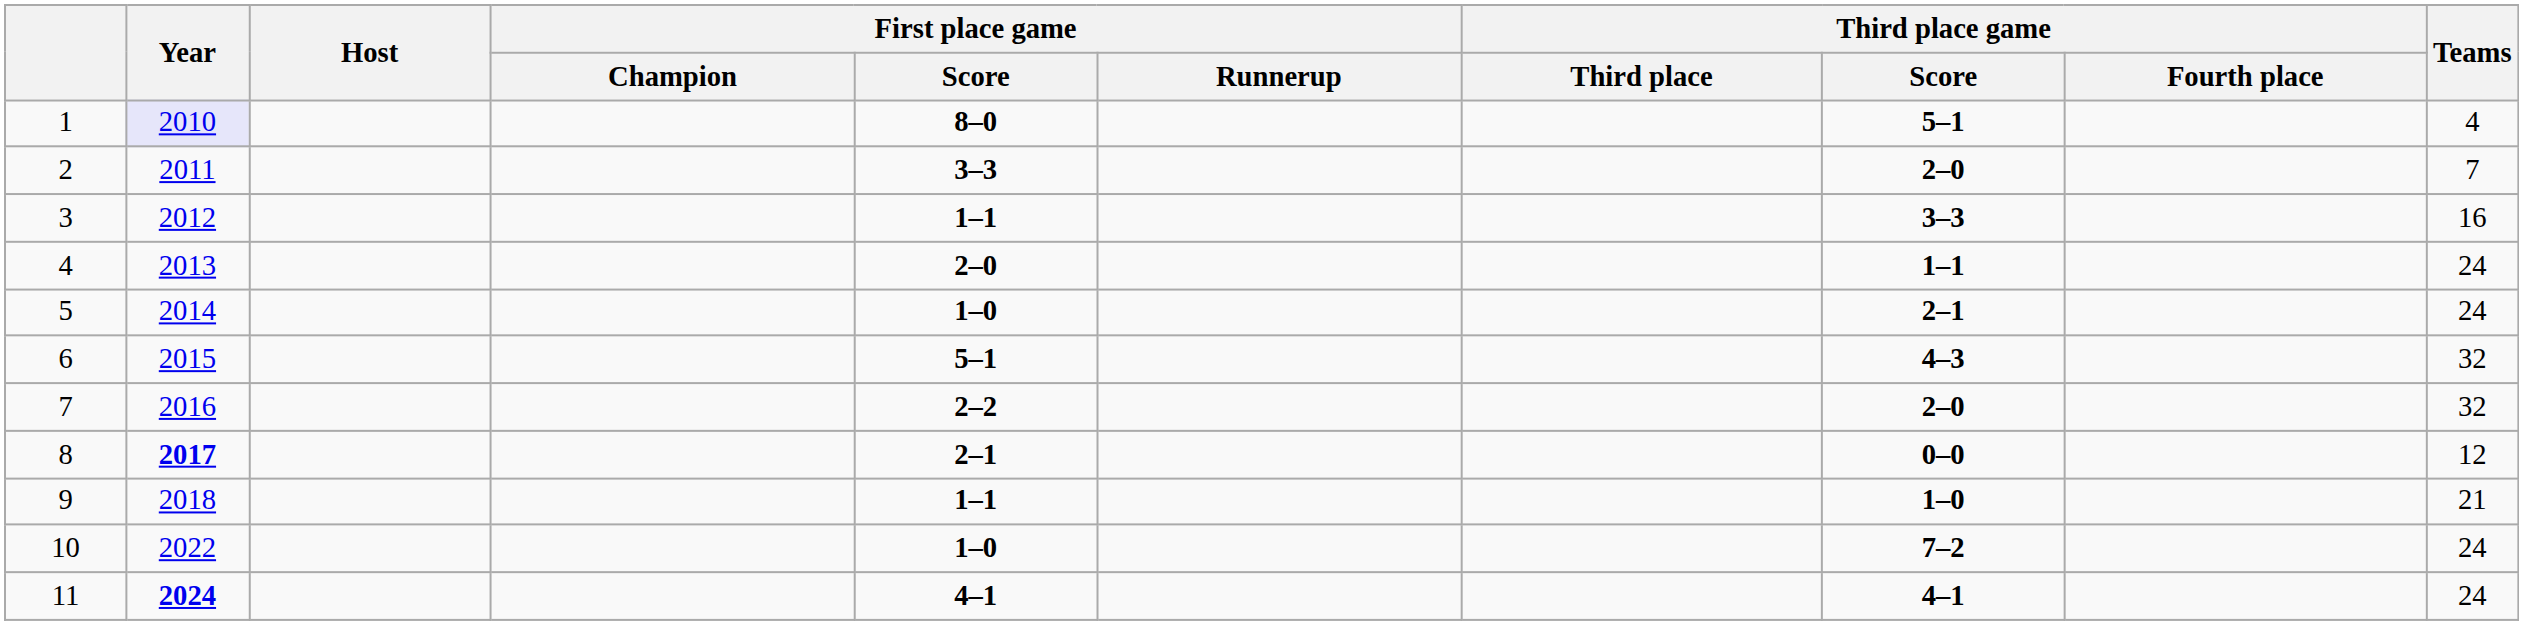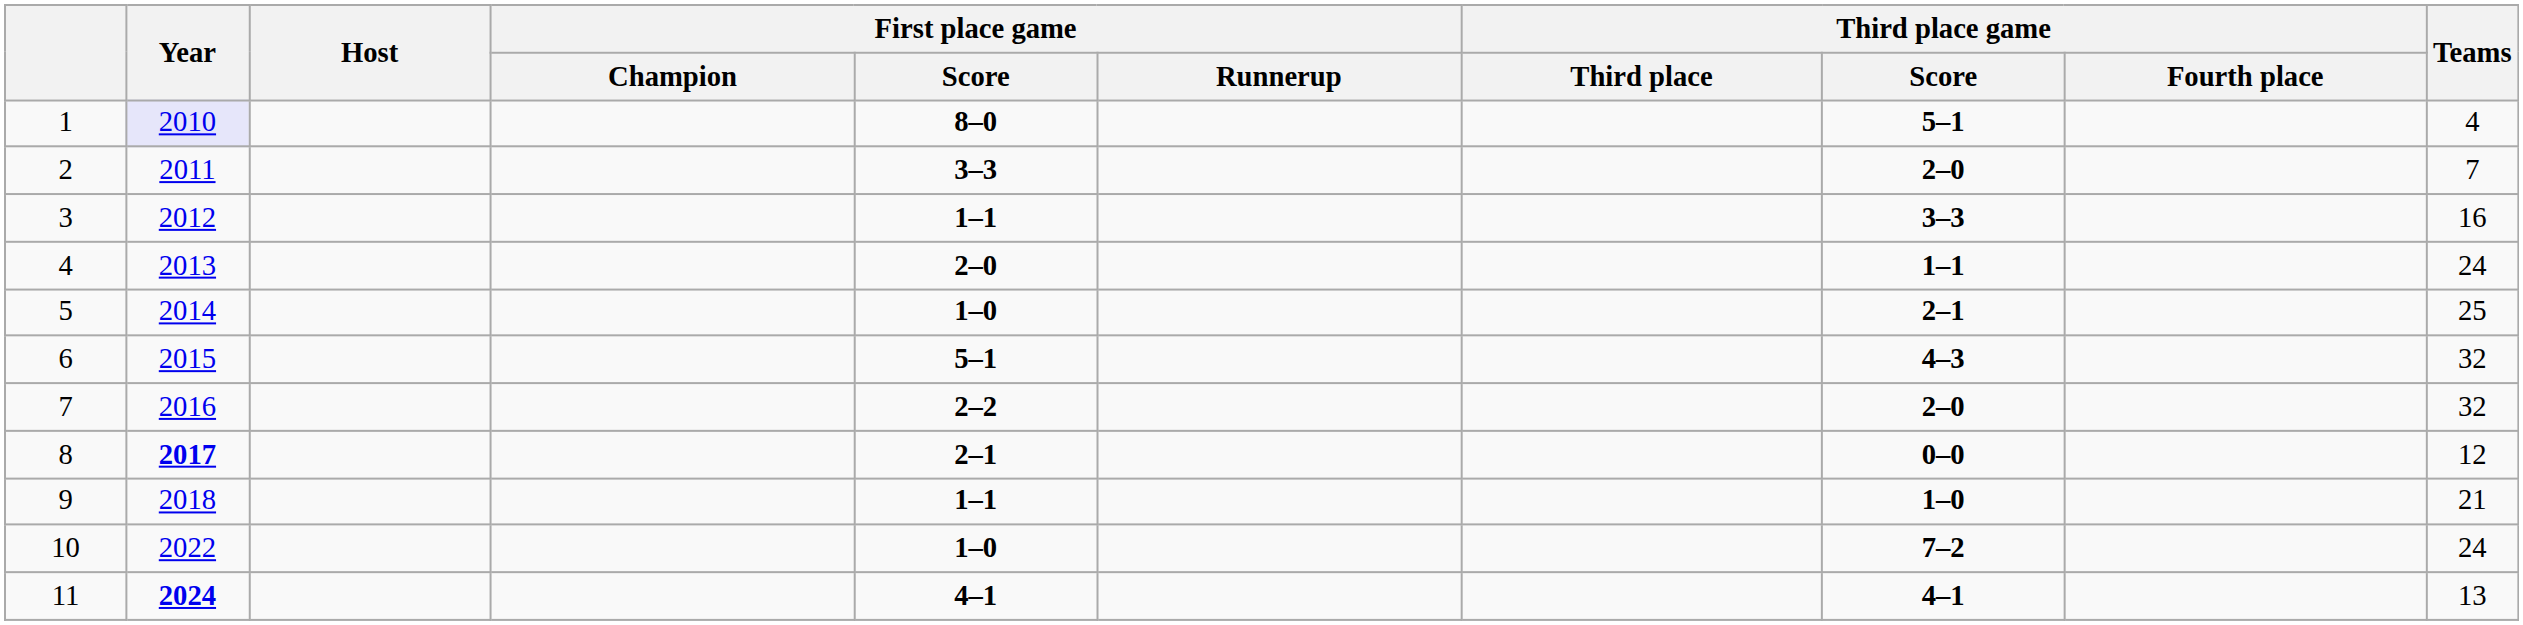 <table class="wikitable" style="font-size:90%; text-align:center; width:100%;">
 <tr>
 <th rowspan="2" style="width:5%;"></th>
 <th rowspan="2" style="width:5%;">Year</th>
 <th rowspan="2" style="width:10%;">Host</th>
 <th colspan="3">First place game</th>
 <th colspan="3">Third place game</th>
 <th rowspan="2" style="width:5%;">Teams</th>
 </tr>
 <tr>
 <th style="width:15%;"> Champion</th>
 <th style="width:10%;">Score</th>
 <th style="width:15%;"> Runnerup</th>
 <th style="width:15%;"> Third place</th>
 <th style="width:10%;">Score</th>
 <th style="width:15%;"> Fourth place</th>
 </tr>
 <tr>
 <td>1</td>
 <td style="background: lavender;"><a href='#'>2010</a></td>
 <td style="text-align:left"></td>
 <td></td>
 <td><strong>8–0</strong></td>
 <td></td>
 <td></td>
 <td><strong>5–1</strong></td>
 <td></td>
 <td>4</td>
 </tr>
 <tr>
 <td>2</td>
 <td><a href='#'>2011</a></td>
 <td style="text-align:left"></td>
 <td></td>
 <td><strong>3–3</strong> </td>
 <td></td>
 <td></td>
 <td><strong>2–0</strong></td>
 <td></td>
 <td>7</td>
 </tr>
 <tr>
 <td>3</td>
 <td><a href='#'>2012</a></td>
 <td style="text-align:left"></td>
 <td></td>
 <td><strong>1–1</strong> </td>
 <td></td>
 <td></td>
 <td><strong>3–3</strong> </td>
 <td></td>
 <td>16</td>
 </tr>
 <tr>
 <td>4</td>
 <td><a href='#'>2013</a></td>
 <td style="text-align:left"></td>
 <td></td>
 <td><strong>2–0</strong></td>
 <td></td>
 <td></td>
 <td><strong>1–1</strong> </td>
 <td></td>
 <td>24</td>
 </tr>
 <tr>
 <td>5</td>
 <td><a href='#'>2014</a></td>
 <td style="text-align:left"></td>
 <td></td>
 <td><strong>1–0</strong></td>
 <td></td>
 <td></td>
 <td><strong>2–1</strong></td>
 <td></td>
-<td>24</td>
+<td>25</td>
 </tr>
 <tr>
 <td>6</td>
 <td><a href='#'>2015</a></td>
 <td style="text-align:left"></td>
 <td></td>
 <td><strong>5–1</strong></td>
 <td></td>
 <td></td>
 <td><strong>4–3</strong></td>
 <td></td>
 <td>32</td>
 </tr>
 <tr>
 <td>7</td>
 <td><a href='#'>2016</a></td>
 <td style="text-align:left"></td>
 <td></td>
 <td><strong>2–2</strong> </td>
 <td></td>
 <td></td>
 <td><strong>2–0</strong></td>
 <td></td>
 <td>32</td>
 </tr>
 <tr>
 <td>8</td>
 <td><strong><a href='#'>2017</a></strong></td>
 <td style="text-align:left"></td>
 <td></td>
 <td><strong>2–1</strong></td>
 <td></td>
 <td></td>
 <td><strong>0–0</strong> </td>
 <td></td>
 <td>12</td>
 </tr>
 <tr>
 <td>9</td>
 <td><a href='#'>2018</a></td>
 <td style="text-align:left"></td>
 <td></td>
 <td><strong>1–1</strong> </td>
 <td></td>
 <td></td>
 <td><strong>1–0</strong></td>
 <td></td>
 <td>21</td>
 </tr>
 <tr>
 <td>10</td>
 <td><a href='#'>2022</a></td>
 <td style="text-align:left"></td>
 <td></td>
 <td><strong>1–0</strong></td>
 <td></td>
 <td></td>
 <td><strong>7–2</strong></td>
 <td></td>
 <td>24</td>
 </tr>
 <tr>
 <td>11</td>
 <td><strong><a href='#'>2024</a></strong></td>
 <td style="text-align:left"></td>
 <td></td>
 <td><strong>4–1</strong></td>
 <td></td>
 <td></td>
 <td><strong>4–1</strong></td>
 <td></td>
-<td>24</td>
+<td>13</td>
 </tr>
 </table>
